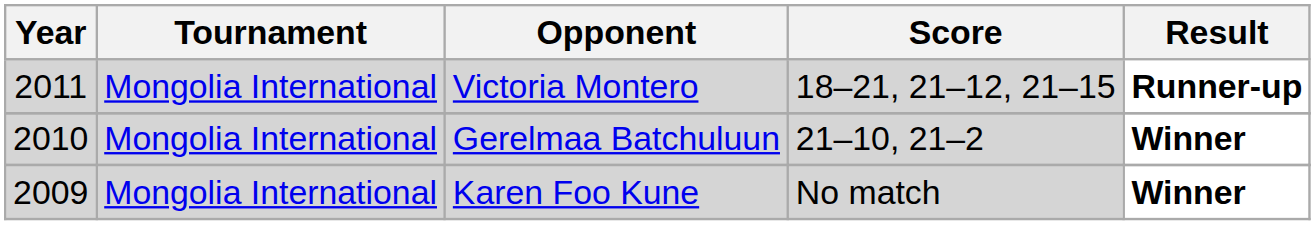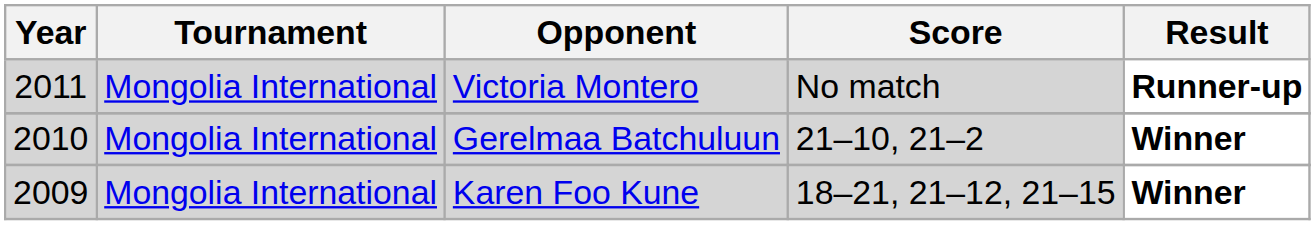 <table class="sortable wikitable" style="font-size:90%;">
 <tr>
 <th>Year</th>
 <th>Tournament</th>
 <th>Opponent</th>
 <th>Score</th>
 <th>Result</th>
 </tr>
 <tr style="background:#D5D5D5">
 <td align="center">2011</td>
 <td align="left"><a href='#'>Mongolia International</a></td>
 <td align="left"> <a href='#'>Victoria Montero</a></td>
-<td align="left">18–21, 21–12, 21–15</td>
+<td align="left">No match</td>
 <td style="text-align:left; background:white"> <strong>Runner-up</strong></td>
 </tr>
 <tr>
 </tr>
 <tr style="background:#D5D5D5">
 <td align="center">2010</td>
 <td align="left"><a href='#'>Mongolia International</a></td>
 <td align="left"> <a href='#'>Gerelmaa Batchuluun</a></td>
 <td align="left">21–10, 21–2</td>
 <td style="text-align:left; background:white"> <strong>Winner</strong></td>
 </tr>
 <tr>
 </tr>
 <tr style="background:#D5D5D5">
 <td align="center">2009</td>
 <td align="left"><a href='#'>Mongolia International</a></td>
 <td align="left"> <a href='#'>Karen Foo Kune</a></td>
-<td align="left">No match</td>
+<td align="left">18–21, 21–12, 21–15</td>
 <td style="text-align:left; background:white"> <strong>Winner</strong></td>
 </tr>
 </table>
